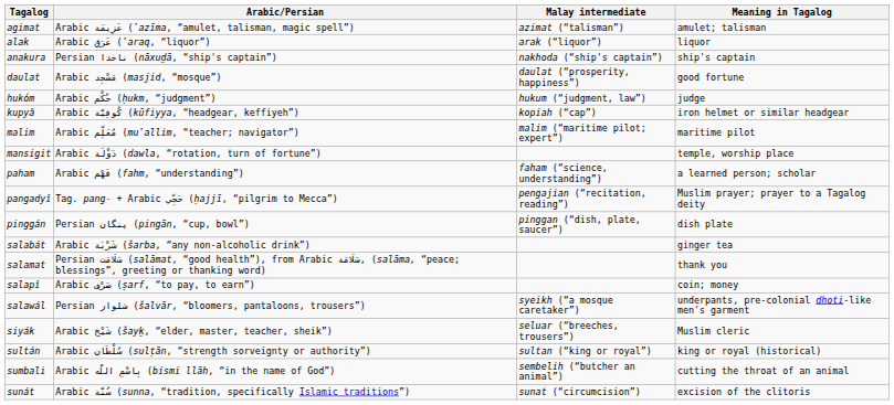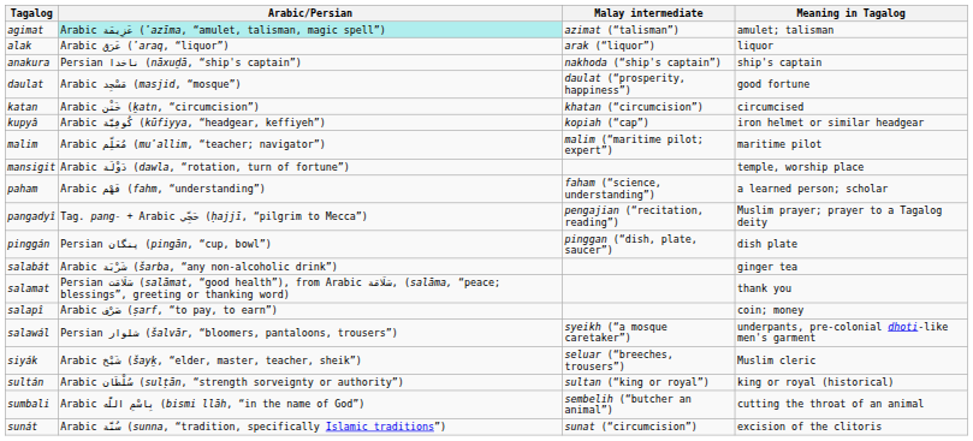 <table class="wikitable sortable">
 <tr>
 <th>Tagalog</th>
 <th>Arabic/Persian</th>
 <th>Malay intermediate</th>
 <th>Meaning in Tagalog</th>
 </tr>
 <tr>
 <td><em>agimat</em></td>
-<td>Arabic عَزِيمَة (<em>ʽazīma</em>, “amulet, talisman, magic spell”)</td>
+<td style="background: paleturquoise;">Arabic عَزِيمَة (<em>ʽazīma</em>, “amulet, talisman, magic spell”)</td>
 <td><em>azimat</em> (“talisman”)</td>
 <td>amulet; talisman</td>
 </tr>
 <tr>
 <td><em>alak</em></td>
 <td>Arabic عَرَق (<em>ʽaraq</em>, “liquor”)</td>
 <td><em>arak</em> (“liquor”)</td>
 <td>liquor</td>
 </tr>
 <tr>
 <td><em>anakura</em></td>
 <td>Persian ناخدا (<em>nāxuḏā</em>, “ship's captain”)</td>
 <td><em>nakhoda</em> (“ship's captain”)</td>
 <td>ship's captain</td>
 </tr>
 <tr>
 <td><em>daulat</em></td>
 <td>Arabic مَسْجِد (<em>masjid</em>, “mosque”)</td>
 <td><em>daulat</em> (“prosperity, happiness”)</td>
 <td>good fortune</td>
 </tr>
 <tr>
-<td><em>hukóm</em></td>
-<td>Arabic حُكْم‎ (<em>ḥukm</em>, “judgment”)</td>
-<td><em>hukum</em> (“judgment, law”)</td>
-<td>judge</td>
+<td><em>katan</em></td>
+<td>Arabic خَتْن (<em>ḵatn</em>, “circumcision”)</td>
+<td><em>khatan</em> (“circumcision”)</td>
+<td>circumcised</td>
 </tr>
 <tr>
 <td><em>kupyâ</em></td>
 <td>Arabic كُوفِيَّة (<em>kūfiyya</em>, “headgear, keffiyeh”)</td>
 <td><em>kopiah</em> (“cap”)</td>
 <td>iron helmet or similar headgear</td>
 </tr>
 <tr>
 <td><em>malim</em></td>
 <td>Arabic مُعَلِّم (<em>muʽallim</em>, “teacher; navigator”)</td>
 <td><em>malim</em> (“maritime pilot; expert”)</td>
 <td>maritime pilot</td>
 </tr>
 <tr>
 <td><em>mansigit</em></td>
 <td>Arabic دَوْلَة‎ (<em>dawla</em>, “rotation, turn of fortune”)</td>
 <td></td>
 <td>temple, worship place</td>
 </tr>
 <tr>
 <td><em>paham</em></td>
 <td>Arabic فَهْم (<em>fahm</em>, “understanding”)</td>
 <td><em>faham</em> (“science, understanding”)</td>
 <td>a learned person; scholar</td>
 </tr>
 <tr>
 <td><em>pangadyî</em></td>
 <td>Tag. <em>pang-</em> + Arabic حَجِّي (<em>ḥajjī</em>, “pilgrim to Mecca”)</td>
 <td><em>pengajian</em> (“recitation, reading”)</td>
 <td>Muslim prayer; prayer to a Tagalog deity</td>
 </tr>
 <tr>
 <td><em>pinggán</em></td>
 <td>Persian پنگان (<em>pingān</em>, “cup, bowl”)</td>
 <td><em>pinggan</em> (“dish, plate, saucer”)</td>
 <td>dish plate</td>
 </tr>
 <tr>
 <td><em>salabát</em></td>
 <td>Arabic شَرْبَة (<em>šarba</em>, “any non-alcoholic drink”)</td>
 <td></td>
 <td>ginger tea</td>
 </tr>
 <tr>
 <td><em>salamat</em></td>
 <td>Persian سَلَامَت (<em>salāmat</em>, “good health”), from Arabic سَلَامَة, (<em>salāma,</em> “peace; blessings”, greeting or thanking word)</td>
 <td></td>
 <td>thank you</td>
 </tr>
 <tr>
 <td><em>salapî</em></td>
 <td>Arabic صَرْف (<em>ṣarf</em>, “to pay, to earn”)</td>
 <td></td>
 <td>coin; money</td>
 </tr>
 <tr>
 <td><em>salawál</em></td>
 <td>Persian شلوار (<em>šalvār</em>, “bloomers, pantaloons, trousers”)</td>
 <td><em>syeikh</em> (“a mosque caretaker”)</td>
 <td>underpants, pre-colonial <em><a href='#'>dhoti</a></em>-like men's garment</td>
 </tr>
 <tr>
 <td><em>siyák</em></td>
 <td>Arabic شَيْخ‎ (<em>šayḵ</em>, “elder, master, teacher, sheik”)</td>
 <td><em>seluar</em> (“breeches, trousers”)</td>
 <td>Muslim cleric</td>
 </tr>
 <tr>
 <td><em>sultán</em></td>
 <td>Arabic سُلْطَان‎ (<em>sulṭān</em>, “strength sorveignty or authority”)</td>
 <td><em>sultan</em> (“king or royal”)</td>
 <td>king or royal (historical)</td>
 </tr>
 <tr>
 <td><em>sumbali</em></td>
 <td>Arabic بِاسْمِ اللّٰه‎ (<em>bismi llāh</em>, “in the name of God”)</td>
 <td><em>sembelih</em> (“butcher an animal”)</td>
 <td>cutting the throat of an animal</td>
 </tr>
 <tr>
 <td><em>sunát</em></td>
 <td>Arabic سُنَّة (<em>sunna</em>, “tradition, specifically <a href='#'>Islamic traditions</a>”)</td>
 <td><em>sunat</em> (“circumcision”)</td>
 <td>excision of the clitoris</td>
 </tr>
 </table>
